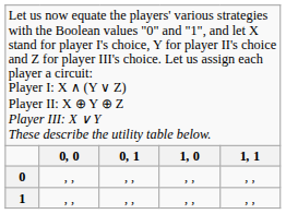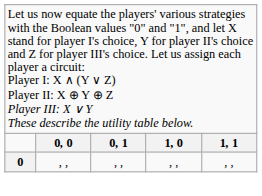 <table align="right" border="1" cellpadding="4" cellspacing="0" width="230px" style="margin: 1em 1em 1em 1em; background: #f9f9f9; border: 1px #aaa solid; border-collapse: collapse; font-size: 70%;" class="wikitable">
 <tr>
 <td colspan="5">Let us now equate the players' various strategies with the Boolean values "0" and "1", and let X stand for player I's choice, Y for player II's choice and Z for player III's choice. Let us assign each player a circuit:<br><div> Player I: X ∧ (Y ∨ Z)<br> Player II: X ⊕ Y ⊕ Z<em><br>  Player III: X ∨ Y </div> These describe the utility table below.</td>
 </tr>
 <tr>
 <td></td>
 <th align="center"></em>0<em>, </em>0<em></th>
 <th align="center"></em>0<em>, </em>1<em></th>
 <th align="center"></em>1<em>, </em>0<em></th>
 <th align="center"></em>1<em>, </em>1<em></th>
 </tr>
 <tr>
 <th align="center"></em>0<em></th>
 <td align="center">, , </td>
 <td align="center">, , </td>
 <td align="center">, , </td>
 <td align="center">, , </td>
 </tr>
-<tr>
-<th align="center"></em>1<em></th>
-<td align="center">, , </td>
-<td align="center">, , </td>
-<td align="center">, , </td>
-<td align="center">, , </td>
-</tr>
 </table>
